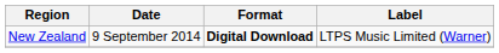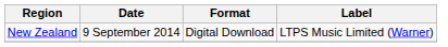 <table class=wikitable>
 <tr>
 <th>Region</th>
 <th>Date</th>
 <th>Format</th>
 <th>Label</th>
 </tr>
 <tr>
 <td><a href='#'>New Zealand</a></td>
 <td>9 September 2014</td>
-<td><strong>Digital Download</strong></td>
+<td>Digital Download</td>
 <td>LTPS Music Limited (<a href='#'>Warner</a>)</td>
 </tr>
 <tr>
 </tr>
 </table>
